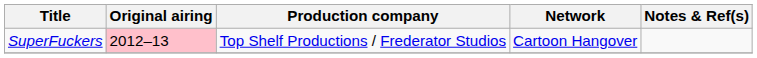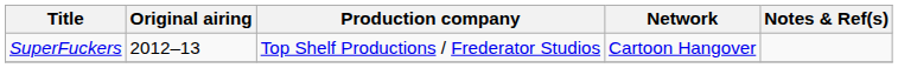 <table class="wikitable plainrowheaders" style="text-align: left">
 <tr>
 <th>Title</th>
 <th>Original airing</th>
 <th>Production company</th>
 <th>Network</th>
 <th>Notes & Ref(s)</th>
 </tr>
 <tr>
 <td><em><a href='#'>SuperFuckers</a></em></td>
-<td style="background: pink;">2012–13</td>
+<td>2012–13</td>
 <td><a href='#'>Top Shelf Productions</a> / <a href='#'>Frederator Studios</a></td>
 <td><a href='#'>Cartoon Hangover</a></td>
 <td></td>
 </tr>
 <tr>
 </tr>
 </table>
